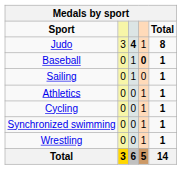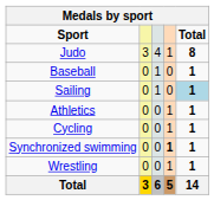 <table class=wikitable style="font-size:95%; float:right">
 <tr bgcolor=efefef>
 <th colspan=7><strong>Medals by sport</strong></th>
 </tr>
 <tr align=center>
 <td><strong>Sport</strong></td>
 <td bgcolor=f7f6a8></td>
 <td bgcolor=dce5e5></td>
 <td bgcolor=ffdab9></td>
 <td><strong>Total</strong></td>
 </tr>
 <tr align=center>
 <td><a href='#'>Judo</a></td>
 <td style="background:#F7F6A8;">3</td>
-<td style="background:#DCE5E5;"><strong>4</strong></td>
+<td style="background:#DCE5E5;">4</td>
 <td style="background:#FFDAB9;">1</td>
 <td><strong>8</strong></td>
 </tr>
 <tr align=center>
 <td><a href='#'>Baseball</a></td>
 <td style="background:#F7F6A8;">0</td>
 <td style="background:#DCE5E5;">1</td>
-<td style="background:#FFDAB9;"><strong>0</strong></td>
+<td style="background:#FFDAB9;">0</td>
 <td><strong>1</strong></td>
 </tr>
 <tr align=center>
 <td><a href='#'>Sailing</a></td>
 <td style="background:#F7F6A8;">0</td>
 <td style="background:#DCE5E5;">1</td>
 <td style="background:#FFDAB9;">0</td>
-<td><strong>1</strong></td>
+<td style="background: lightblue;"><strong>1</strong></td>
 </tr>
 <tr align=center>
 <td><a href='#'>Athletics</a></td>
 <td style="background:#F7F6A8;">0</td>
 <td style="background:#DCE5E5;">0</td>
 <td style="background:#FFDAB9;">1</td>
 <td><strong>1</strong></td>
 </tr>
 <tr align=center>
 <td><a href='#'>Cycling</a></td>
 <td style="background:#F7F6A8;">0</td>
 <td style="background:#DCE5E5;">0</td>
 <td style="background:#FFDAB9;">1</td>
 <td><strong>1</strong></td>
 </tr>
 <tr align=center>
 <td><a href='#'>Synchronized swimming</a></td>
 <td style="background:#F7F6A8;">0</td>
 <td style="background:#DCE5E5;">0</td>
-<td style="background:#FFDAB9;">1</td>
+<td style="background:#FFDAB9;"><strong>1</strong></td>
 <td><strong>1</strong></td>
 </tr>
 <tr align=center>
 <td><a href='#'>Wrestling</a></td>
 <td style="background:#F7F6A8;">0</td>
 <td style="background:#DCE5E5;">0</td>
 <td style="background:#FFDAB9;">1</td>
 <td><strong>1</strong></td>
 </tr>
 <tr align=center>
 <th>Total</th>
 <th style="background:gold">3</th>
 <th style="background:silver">6</th>
 <th style="background:#c96">5</th>
 <th>14</th>
 </tr>
 </table>
